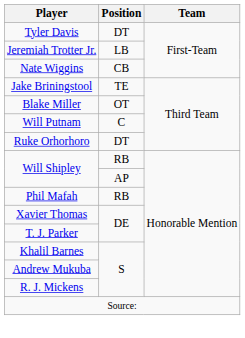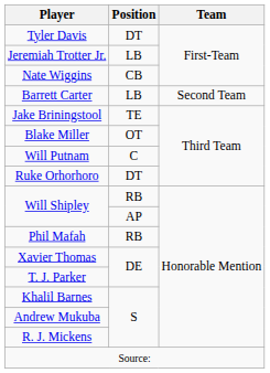 <table class="wikitable" style="text-align: center">
 <tr align=center>
 <th>Player</th>
 <th>Position</th>
 <th>Team</th>
 </tr>
 <tr>
 <td><a href='#'>Tyler Davis</a></td>
 <td>DT</td>
 <td rowspan=3>First-Team</td>
 </tr>
 <tr>
 <td><a href='#'>Jeremiah Trotter Jr.</a></td>
 <td>LB</td>
 </tr>
 <tr>
 <td><a href='#'>Nate Wiggins</a></td>
 <td>CB</td>
+</tr>
+<tr>
+<td><a href='#'>Barrett Carter</a></td>
+<td>LB</td>
+<td>Second Team</td>
 </tr>
 <tr>
 <td><a href='#'>Jake Briningstool</a></td>
 <td>TE</td>
 <td rowspan=4>Third Team</td>
 </tr>
 <tr>
 <td><a href='#'>Blake Miller</a></td>
 <td>OT</td>
 </tr>
 <tr>
 <td><a href='#'>Will Putnam</a></td>
 <td>C</td>
 </tr>
 <tr>
 <td><a href='#'>Ruke Orhorhoro</a></td>
 <td>DT</td>
 </tr>
 <tr>
 <td rowspan=2><a href='#'>Will Shipley</a></td>
 <td>RB</td>
 <td rowspan=8>Honorable Mention</td>
 </tr>
 <tr>
 <td>AP</td>
 </tr>
 <tr>
 <td><a href='#'>Phil Mafah</a></td>
 <td>RB</td>
 </tr>
 <tr>
 <td><a href='#'>Xavier Thomas</a></td>
 <td rowspan=2>DE</td>
 </tr>
 <tr>
 <td><a href='#'>T. J. Parker</a></td>
 </tr>
 <tr>
 <td><a href='#'>Khalil Barnes</a></td>
 <td rowspan=3>S</td>
 </tr>
 <tr>
 <td><a href='#'>Andrew Mukuba</a></td>
 </tr>
 <tr>
 <td><a href='#'>R. J. Mickens</a></td>
 </tr>
 <tr>
 <td colspan="3"><small>Source:</small></td>
 </tr>
 </table>
